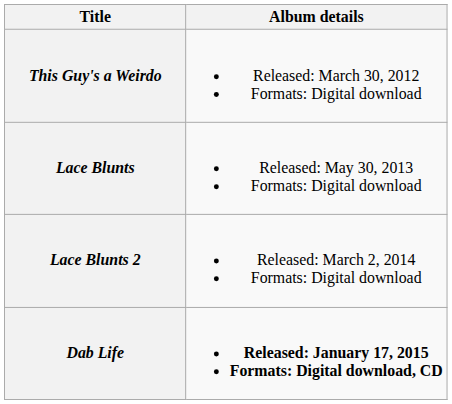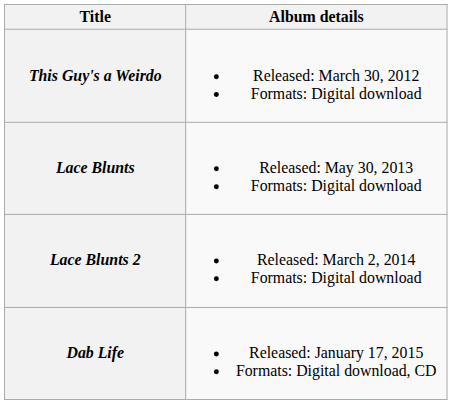 <table class="wikitable plainrowheaders" style="text-align:center;">
 <tr>
 <th scope="col" style="width:11em;">Title</th>
 <th scope="col" style="width:16em;">Album details</th>
 </tr>
 <tr>
 <th scope="row"><em>This Guy's a Weirdo</em></th>
 <td><br><ul><li>Released: March 30, 2012</li><li>Formats: Digital download</li></ul></td>
 </tr>
 <tr>
 <th scope="row"><em>Lace Blunts</em></th>
 <td><br><ul><li>Released: May 30, 2013</li><li>Formats: Digital download</li></ul></td>
 </tr>
 <tr>
 <th scope="row"><em>Lace Blunts 2</em></th>
 <td><br><ul><li>Released: March 2, 2014</li><li>Formats: Digital download</li></ul></td>
 </tr>
 <tr>
 <th scope="row"><em>Dab Life</em></th>
-<td><strong><br><ul><li>Released: January 17, 2015</li><li>Formats: Digital download, CD</li></ul></strong></td>
+<td><br><ul><li>Released: January 17, 2015</li><li>Formats: Digital download, CD</li></ul></td>
 </tr>
 </table>
